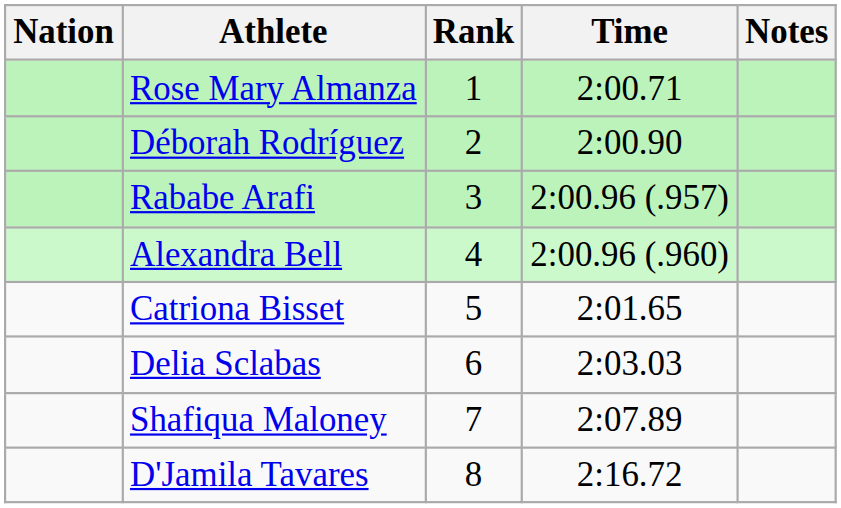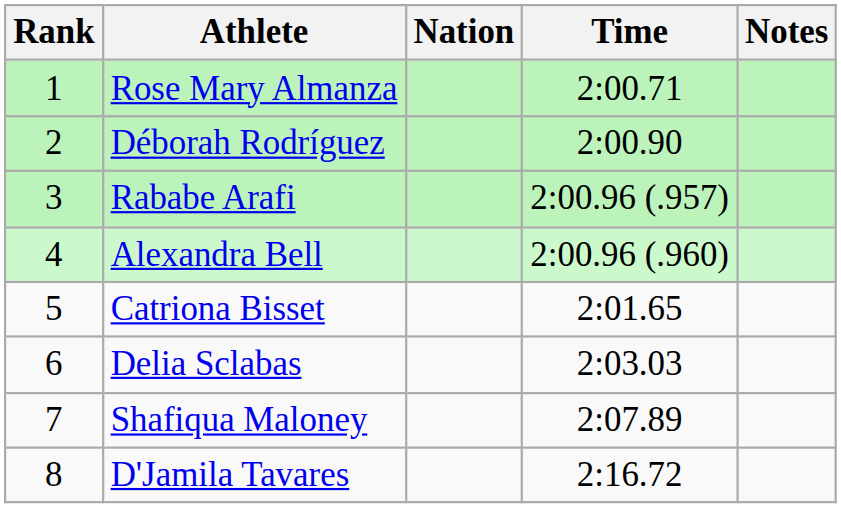 <table class="wikitable sortable" style="text-align:center;">
 <tr>
+<th>Rank</th>
+<th>Athlete</th>
 <th>Nation</th>
-<th>Athlete</th>
-<th>Rank</th>
 <th>Time</th>
 <th>Notes</th>
 </tr>
 <tr bgcolor=#bbf3bb>
+<td>1</td>
+<td align="left"><a href='#'>Rose Mary Almanza</a></td>
 <td align=left></td>
-<td align="left"><a href='#'>Rose Mary Almanza</a></td>
-<td>1</td>
 <td>2:00.71</td>
 <td></td>
 </tr>
 <tr bgcolor=#bbf3bb>
+<td>2</td>
+<td align="left"><a href='#'>Déborah Rodríguez</a></td>
 <td align=left></td>
-<td align="left"><a href='#'>Déborah Rodríguez</a></td>
-<td>2</td>
 <td>2:00.90</td>
 <td></td>
 </tr>
 <tr bgcolor=#bbf3bb>
+<td>3</td>
+<td align="left"><a href='#'>Rababe Arafi</a></td>
 <td align=left></td>
-<td align="left"><a href='#'>Rababe Arafi</a></td>
-<td>3</td>
 <td>2:00.96 (.957)</td>
 <td></td>
 </tr>
 <tr bgcolor=#ccf9cc>
+<td>4</td>
+<td align="left"><a href='#'>Alexandra Bell</a></td>
 <td align=left></td>
-<td align="left"><a href='#'>Alexandra Bell</a></td>
-<td>4</td>
 <td>2:00.96 (.960)</td>
 <td></td>
 </tr>
 <tr>
+<td>5</td>
+<td align="left"><a href='#'>Catriona Bisset</a></td>
 <td align=left></td>
-<td align="left"><a href='#'>Catriona Bisset</a></td>
-<td>5</td>
 <td>2:01.65</td>
 <td></td>
 </tr>
 <tr>
+<td>6</td>
+<td align="left"><a href='#'>Delia Sclabas</a></td>
 <td align=left></td>
-<td align="left"><a href='#'>Delia Sclabas</a></td>
-<td>6</td>
 <td>2:03.03</td>
 <td></td>
 </tr>
 <tr>
+<td>7</td>
+<td align="left"><a href='#'>Shafiqua Maloney</a></td>
 <td align=left></td>
-<td align="left"><a href='#'>Shafiqua Maloney</a></td>
-<td>7</td>
 <td>2:07.89</td>
 <td></td>
 </tr>
 <tr>
+<td>8</td>
+<td align="left"><a href='#'>D'Jamila Tavares</a></td>
 <td align=left></td>
-<td align="left"><a href='#'>D'Jamila Tavares</a></td>
-<td>8</td>
 <td>2:16.72</td>
 <td></td>
 </tr>
 </table>
